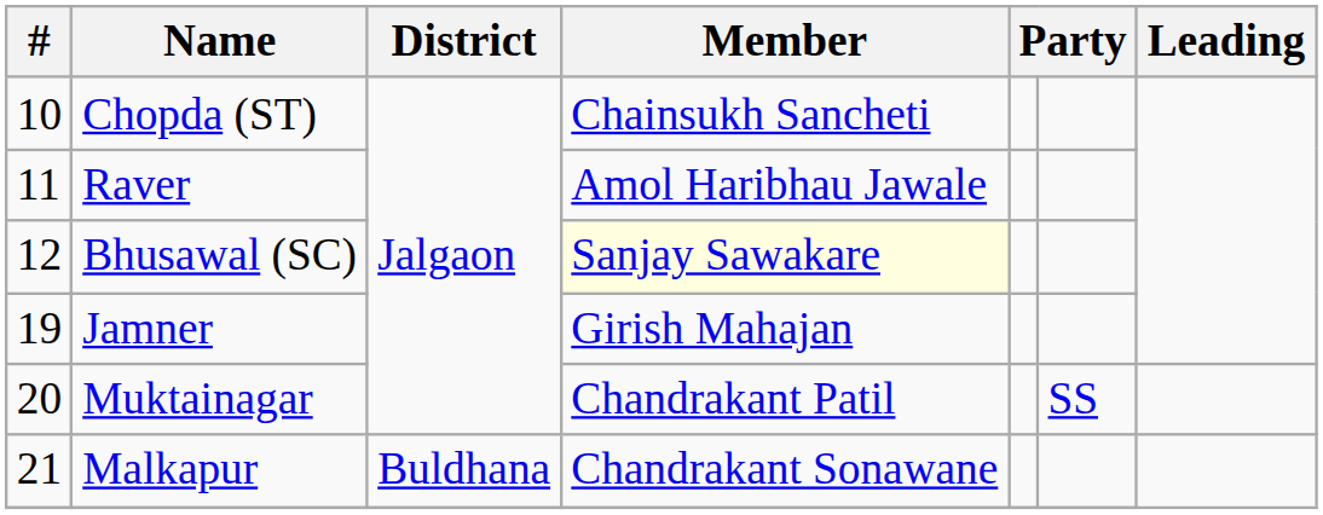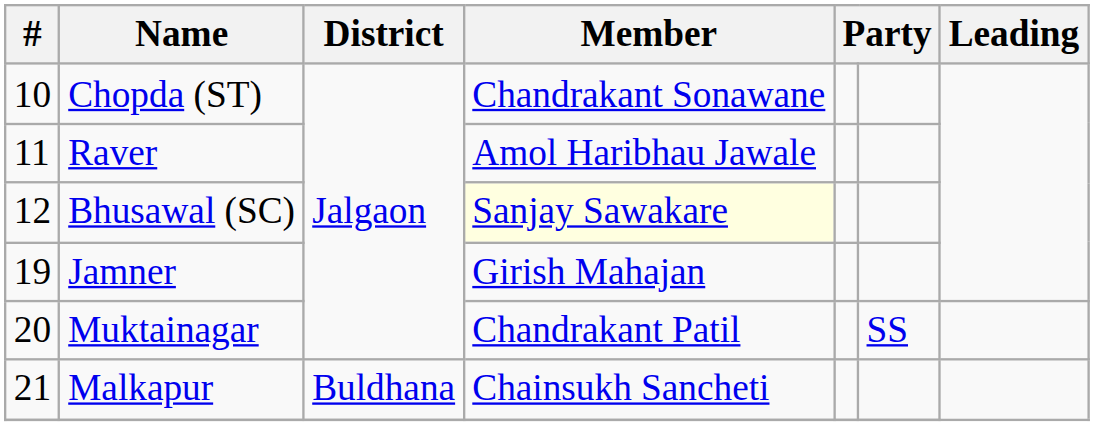 <table class="wikitable">
 <tr>
 <th>#</th>
 <th>Name</th>
 <th>District</th>
 <th>Member</th>
 <th colspan="2">Party</th>
 <th colspan=2>Leading<br></th>
 </tr>
 <tr>
 <td>10</td>
 <td><a href='#'>Chopda</a> (ST)</td>
 <td rowspan="5"><a href='#'>Jalgaon</a></td>
-<td><a href='#'>Chainsukh Sancheti</a></td>
+<td><a href='#'>Chandrakant Sonawane</a></td>
 <td></td>
 <td></td>
 </tr>
 <tr>
 <td>11</td>
 <td><a href='#'>Raver</a></td>
 <td><a href='#'>Amol Haribhau Jawale</a></td>
 <td></td>
 <td></td>
 </tr>
 <tr>
 <td>12</td>
 <td><a href='#'>Bhusawal</a> (SC)</td>
 <td style="background: lightyellow;"><a href='#'>Sanjay Sawakare</a></td>
 <td></td>
 <td></td>
 </tr>
 <tr>
 <td>19</td>
 <td><a href='#'>Jamner</a></td>
 <td><a href='#'>Girish Mahajan</a></td>
 <td></td>
 <td></td>
 </tr>
 <tr>
 <td>20</td>
 <td><a href='#'>Muktainagar</a></td>
 <td><a href='#'>Chandrakant Patil</a></td>
 <td style="background-color: "></td>
 <td><a href='#'>SS</a></td>
 <td></td>
 </tr>
 <tr>
 <td>21</td>
 <td><a href='#'>Malkapur</a></td>
 <td><a href='#'>Buldhana</a></td>
-<td><a href='#'>Chandrakant Sonawane</a></td>
+<td><a href='#'>Chainsukh Sancheti</a></td>
 <td></td>
 <td></td>
 </tr>
 <tr>
 </tr>
 </table>
